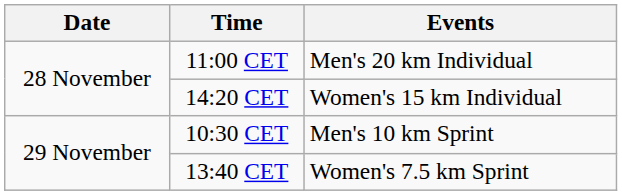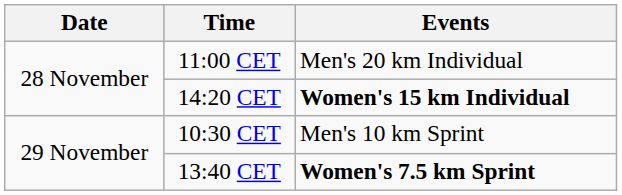 <table class="wikitable" style="text-align: center" width="420">
 <tr>
 <th>Date</th>
 <th>Time</th>
 <th>Events</th>
 </tr>
 <tr>
 <td rowspan=2>28 November</td>
 <td>11:00 <a href='#'>CET</a></td>
 <td style="text-align: left">Men's 20 km Individual</td>
 </tr>
 <tr>
 <td>14:20 <a href='#'>CET</a></td>
-<td style="text-align: left">Women's 15 km Individual</td>
+<td style="text-align: left"><strong>Women's 15 km Individual</strong></td>
 </tr>
 <tr>
 <td rowspan=2>29 November</td>
 <td>10:30 <a href='#'>CET</a></td>
 <td style="text-align: left">Men's 10 km Sprint</td>
 </tr>
 <tr>
 <td>13:40 <a href='#'>CET</a></td>
-<td style="text-align: left">Women's 7.5 km Sprint</td>
+<td style="text-align: left"><strong>Women's 7.5 km Sprint</strong></td>
 </tr>
 </table>
